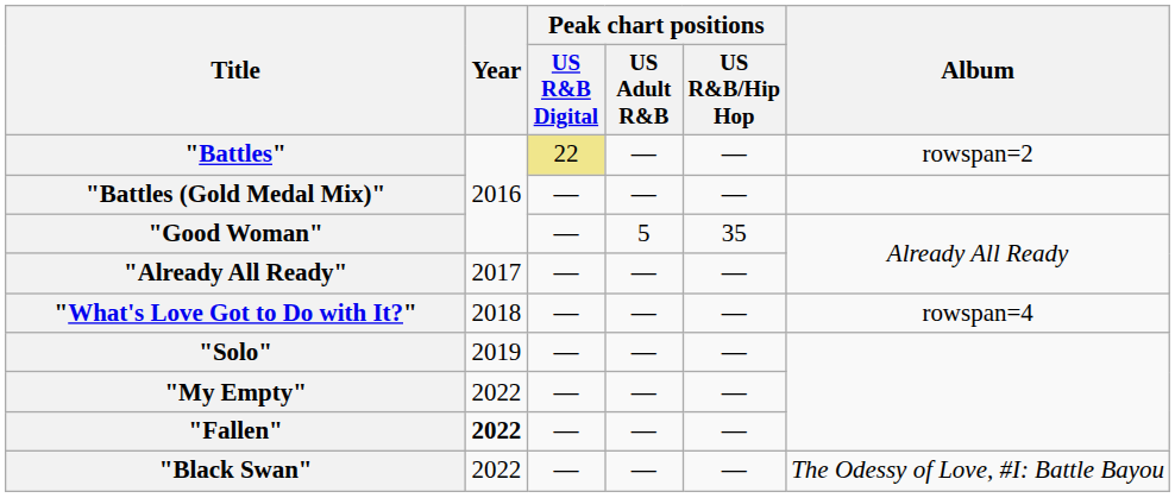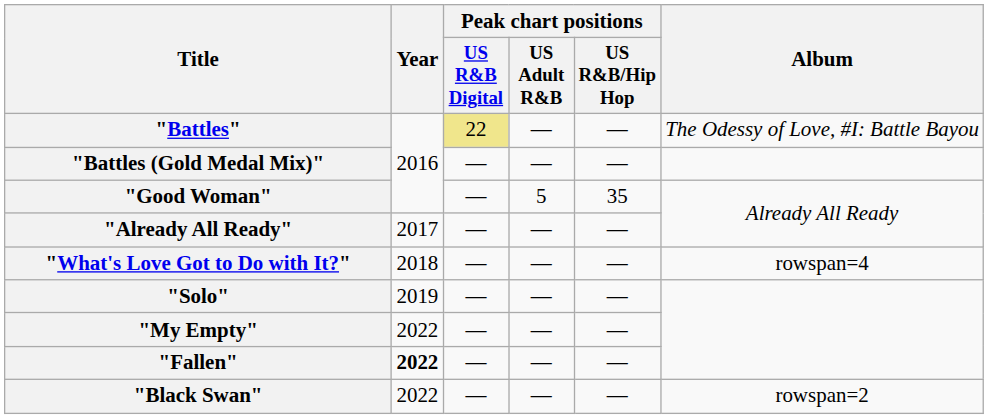 <table class="wikitable plainrowheaders" style="text-align:center;" border="1">
 <tr>
 <th scope="col" rowspan="2" style="width:18em;">Title</th>
 <th scope="col" rowspan="2">Year</th>
 <th colspan="3" scope="col" style="width:6em;">Peak chart positions</th>
 <th scope="col" rowspan="2">Album</th>
 </tr>
 <tr>
 <th scope="col" style="width:3em;font-size:90%;"><a href='#'>US<br>R&B Digital</a></th>
 <th scope="col" style="width:3em;font-size:90%;">US<br>Adult<br>R&B</th>
 <th scope="col" style="width:3em;font-size:90%;">US<br>R&B/Hip Hop</th>
 </tr>
 <tr>
 <th scope="row">"<a href='#'>Battles</a>"</th>
 <td rowspan="3">2016</td>
 <td style="background: khaki;">22</td>
 <td>—</td>
 <td>—</td>
-<td>rowspan=2 </td>
+<td rowspan="1"><em>The Odessy of Love, #I: Battle Bayou</em></td>
 </tr>
 <tr>
 <th scope="row">"Battles (Gold Medal Mix)"</th>
 <td>—</td>
 <td>—</td>
 <td>—</td>
 </tr>
 <tr>
 <th scope="row">"Good Woman"</th>
 <td>—</td>
 <td>5</td>
 <td>35</td>
 <td rowspan="2"><em>Already All Ready</em></td>
 </tr>
 <tr>
 <th scope="row">"Already All Ready"</th>
 <td>2017</td>
 <td>—</td>
 <td>—</td>
 <td>—</td>
 </tr>
 <tr>
 <th scope="row">"<a href='#'>What's Love Got to Do with It?</a>"</th>
 <td>2018</td>
 <td>—</td>
 <td>—</td>
 <td>—</td>
 <td>rowspan=4 </td>
 </tr>
 <tr>
 <th scope="row">"Solo"</th>
 <td>2019</td>
 <td>—</td>
 <td>—</td>
 <td>—</td>
 </tr>
 <tr>
 <th scope="row">"My Empty"</th>
 <td>2022</td>
 <td>—</td>
 <td>—</td>
 <td>—</td>
 </tr>
 <tr>
 <th scope="row">"Fallen"</th>
 <td><strong>2022</strong></td>
 <td>—</td>
 <td>—</td>
 <td>—</td>
 </tr>
 <tr>
 <th scope="row">"Black Swan"</th>
 <td>2022</td>
 <td>—</td>
 <td>—</td>
 <td>—</td>
-<td rowspan="1"><em>The Odessy of Love, #I: Battle Bayou</em></td>
+<td>rowspan=2 </td>
 </tr>
 </table>
